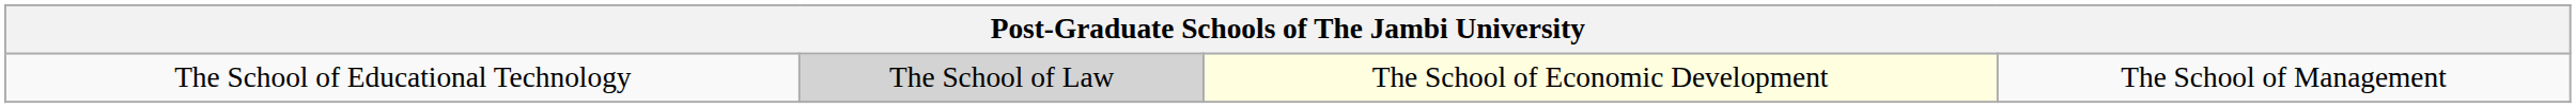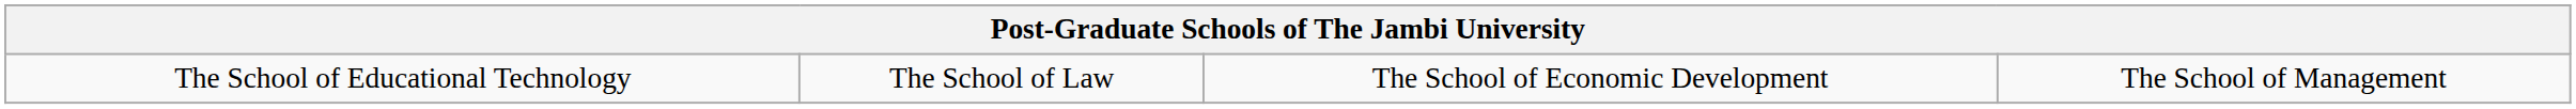 <table class="wikitable" style="font-size:90%;width:100%;border:0px;text-align:center;line-height:120%;">
 <tr>
 <th colspan="8"><strong>Post-Graduate Schools of The Jambi University</strong></th>
 </tr>
 <tr>
 <td>The School of Educational Technology</td>
-<td style="background: lightgrey;">The School of Law</td>
-<td style="background: lightyellow;">The School of Economic Development</td>
+<td>The School of Law</td>
+<td>The School of Economic Development</td>
 <td>The School of Management</td>
 </tr>
 </table>
